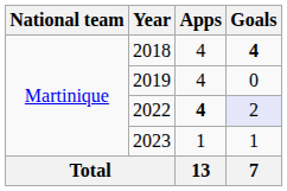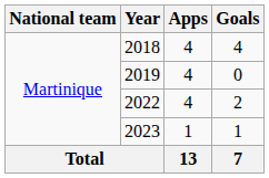 <table class="wikitable" style="text-align:center">
 <tr>
 <th>National team</th>
 <th>Year</th>
 <th>Apps</th>
 <th>Goals</th>
 </tr>
 <tr>
 <td rowspan="4"><a href='#'>Martinique</a></td>
 <td>2018</td>
 <td>4</td>
-<td><strong>4</strong></td>
+<td>4</td>
 </tr>
 <tr>
 <td>2019</td>
 <td>4</td>
 <td>0</td>
 </tr>
 <tr>
 <td>2022</td>
-<td><strong>4</strong></td>
-<td style="background: lavender;">2</td>
+<td>4</td>
+<td>2</td>
 </tr>
 <tr>
 <td>2023</td>
 <td>1</td>
 <td>1</td>
 </tr>
 <tr>
 <th colspan="2">Total</th>
 <th>13</th>
 <th>7</th>
 </tr>
 </table>
